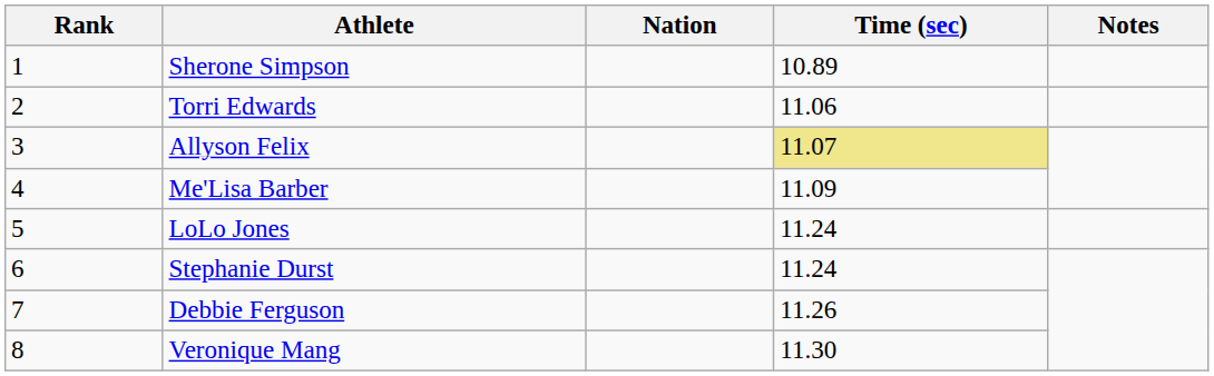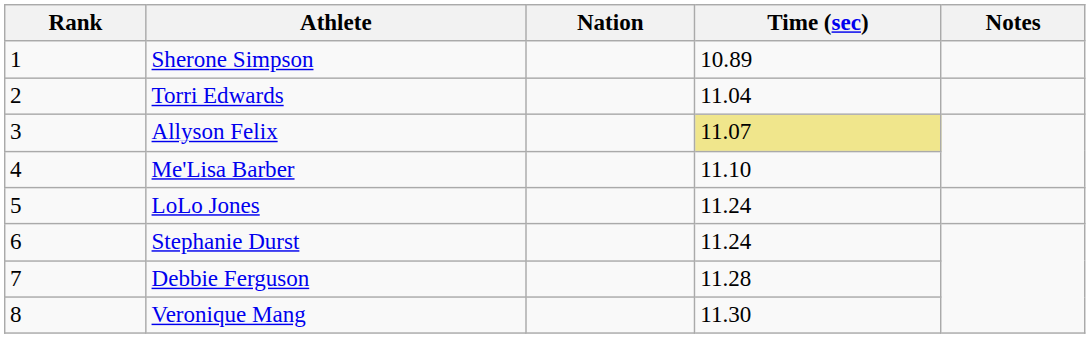 <table class="wikitable" style="text=align:center;" width=85%>
 <tr>
 <th>Rank</th>
 <th>Athlete</th>
 <th>Nation</th>
 <th>Time (<a href='#'>sec</a>)</th>
 <th>Notes</th>
 </tr>
 <tr>
 <td>1</td>
 <td><a href='#'>Sherone Simpson</a></td>
 <td></td>
 <td>10.89</td>
 </tr>
 <tr>
 <td>2</td>
 <td><a href='#'>Torri Edwards</a></td>
 <td></td>
-<td>11.06</td>
+<td>11.04</td>
 <td></td>
 </tr>
 <tr>
 <td>3</td>
 <td><a href='#'>Allyson Felix</a></td>
 <td></td>
 <td style="background: khaki;">11.07</td>
 </tr>
 <tr>
 <td>4</td>
 <td><a href='#'>Me'Lisa Barber</a></td>
 <td></td>
-<td>11.09</td>
+<td>11.10</td>
 </tr>
 <tr>
 <td>5</td>
 <td><a href='#'>LoLo Jones</a></td>
 <td></td>
 <td>11.24</td>
 <td></td>
 </tr>
 <tr>
 <td>6</td>
 <td><a href='#'>Stephanie Durst</a></td>
 <td></td>
 <td>11.24</td>
 </tr>
 <tr>
 <td>7</td>
 <td><a href='#'>Debbie Ferguson</a></td>
 <td></td>
-<td>11.26</td>
+<td>11.28</td>
 </tr>
 <tr>
 <td>8</td>
 <td><a href='#'>Veronique Mang</a></td>
 <td></td>
 <td>11.30</td>
 </tr>
 </table>
